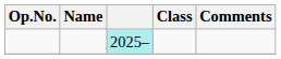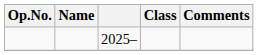 <table class="wikitable">
 <tr>
 <th>Op.No.</th>
 <th>Name</th>
 <th></th>
 <th>Class</th>
 <th>Comments</th>
 </tr>
 <tr>
 <td></td>
 <td></td>
-<td style="background: paleturquoise;">2025–</td>
+<td>2025–</td>
 <td></td>
 <td></td>
 </tr>
 <tr>
 </tr>
 </table>
